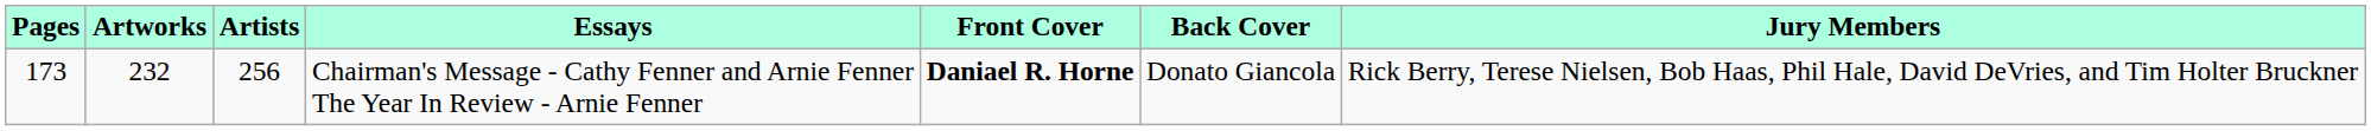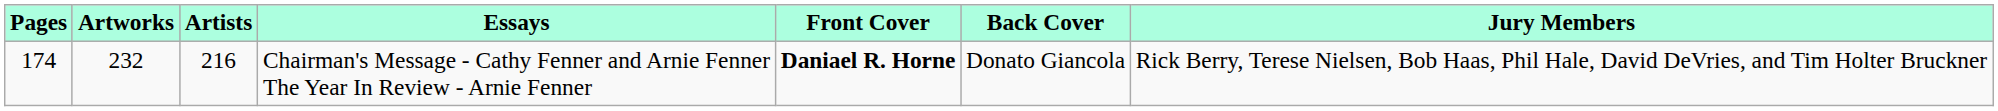 <table class="wikitable">
 <tr>
 <th style="background:#acffdf">Pages</th>
 <th style="background:#acffdf">Artworks</th>
 <th style="background:#acffdf">Artists</th>
 <th style="background:#acffdf">Essays</th>
 <th style="background:#acffdf">Front Cover</th>
 <th style="background:#acffdf">Back Cover</th>
 <th style="background:#acffdf">Jury Members</th>
 </tr>
 <tr valign="top">
-<td align="center">173</td>
+<td align="center">174</td>
 <td align="center">232</td>
-<td align="center">256</td>
+<td align="center">216</td>
 <td>Chairman's Message - Cathy Fenner and Arnie Fenner<br>The Year In Review - Arnie Fenner</td>
 <td><strong>Daniael R. Horne</strong></td>
 <td>Donato Giancola</td>
 <td>Rick Berry, Terese Nielsen, Bob Haas, Phil Hale, David DeVries, and Tim Holter Bruckner</td>
 </tr>
 </table>
